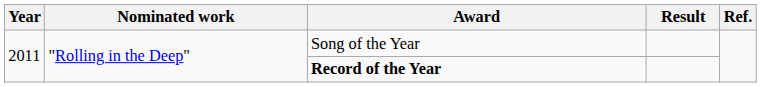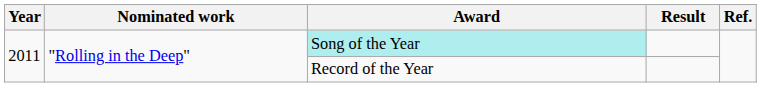 <table class="wikitable">
 <tr>
 <th>Year</th>
 <th width="250">Nominated work</th>
 <th width="325">Award</th>
 <th width="65">Result</th>
 <th>Ref.</th>
 </tr>
 <tr>
 <td rowspan="2">2011</td>
 <td rowspan="2">"<a href='#'>Rolling in the Deep</a>"</td>
-<td>Song of the Year</td>
+<td style="background: paleturquoise;">Song of the Year</td>
 <td></td>
 <td rowspan="2"></td>
 </tr>
 <tr>
-<td><strong>Record of the Year</strong></td>
+<td>Record of the Year</td>
 <td></td>
 </tr>
 </table>
